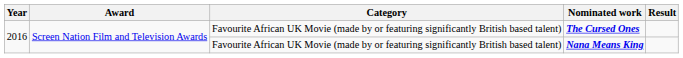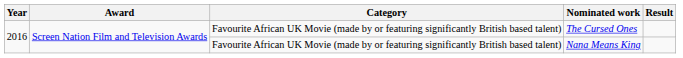 <table class="wikitable sortable">
 <tr>
 <th>Year</th>
 <th>Award</th>
 <th>Category</th>
 <th>Nominated work</th>
 <th>Result</th>
 </tr>
 <tr>
 <td rowspan=2>2016</td>
 <td rowspan=2><a href='#'>Screen Nation Film and Television Awards </a></td>
 <td>Favourite African UK Movie (made by or featuring significantly British based talent)</td>
-<td><strong><em><a href='#'>The Cursed Ones</a></em></strong></td>
+<td><em><a href='#'>The Cursed Ones</a></em></td>
 <td></td>
 </tr>
 <tr>
 <td>Favourite African UK Movie (made by or featuring significantly British based talent)</td>
-<td><strong><em><a href='#'>Nana Means King</a></em></strong></td>
+<td><em><a href='#'>Nana Means King</a></em></td>
 <td></td>
 </tr>
 </table>
